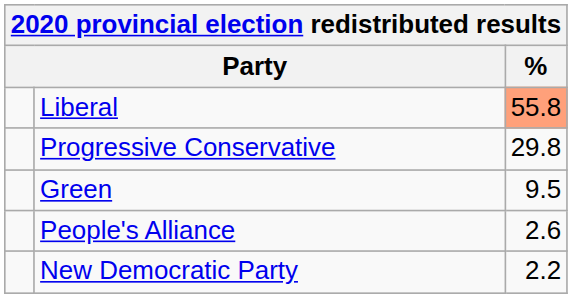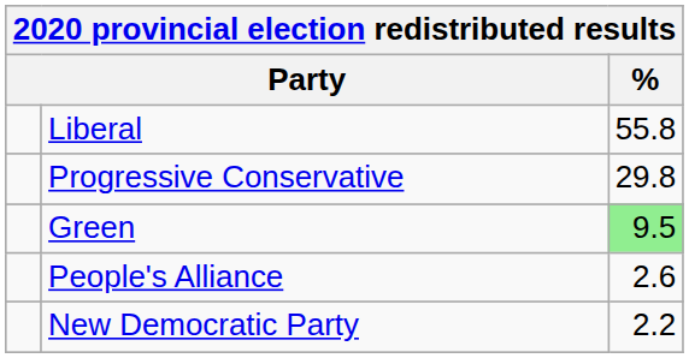 <table class="wikitable">
 <tr>
 <th colspan="4"><a href='#'>2020 provincial election</a> redistributed results</th>
 </tr>
 <tr>
 <th bgcolor="#DDDDFF" width="130px" colspan="2">Party</th>
 <th bgcolor="#DDDDFF" width="30px">%</th>
 </tr>
 <tr>
 <td> </td>
 <td><a href='#'>Liberal</a></td>
-<td align=right style="background: lightsalmon;">55.8</td>
+<td align=right>55.8</td>
 </tr>
 <tr>
 <td> </td>
 <td><a href='#'>Progressive Conservative</a></td>
 <td align=right>29.8</td>
 </tr>
 <tr>
 <td> </td>
 <td><a href='#'>Green</a></td>
-<td align=right>9.5</td>
+<td align=right style="background: lightgreen;">9.5</td>
 </tr>
 <tr>
 <td> </td>
 <td><a href='#'>People's Alliance</a></td>
 <td align=right>2.6</td>
 </tr>
 <tr>
 <td> </td>
 <td><a href='#'>New Democratic Party</a></td>
 <td align=right>2.2</td>
 </tr>
 </table>
